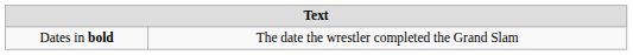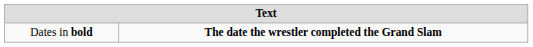 <table class="wikitable" style="width:100%; font-size:85%; text-align:center;">
 <tr>
 <th style="background:#ddd;" colspan="2">Text</th>
 </tr>
 <tr>
 <td>Dates in <strong>bold</strong></td>
-<td>The date the wrestler completed the Grand Slam</td>
+<td><strong>The date the wrestler completed the Grand Slam</strong></td>
 </tr>
 </table>
